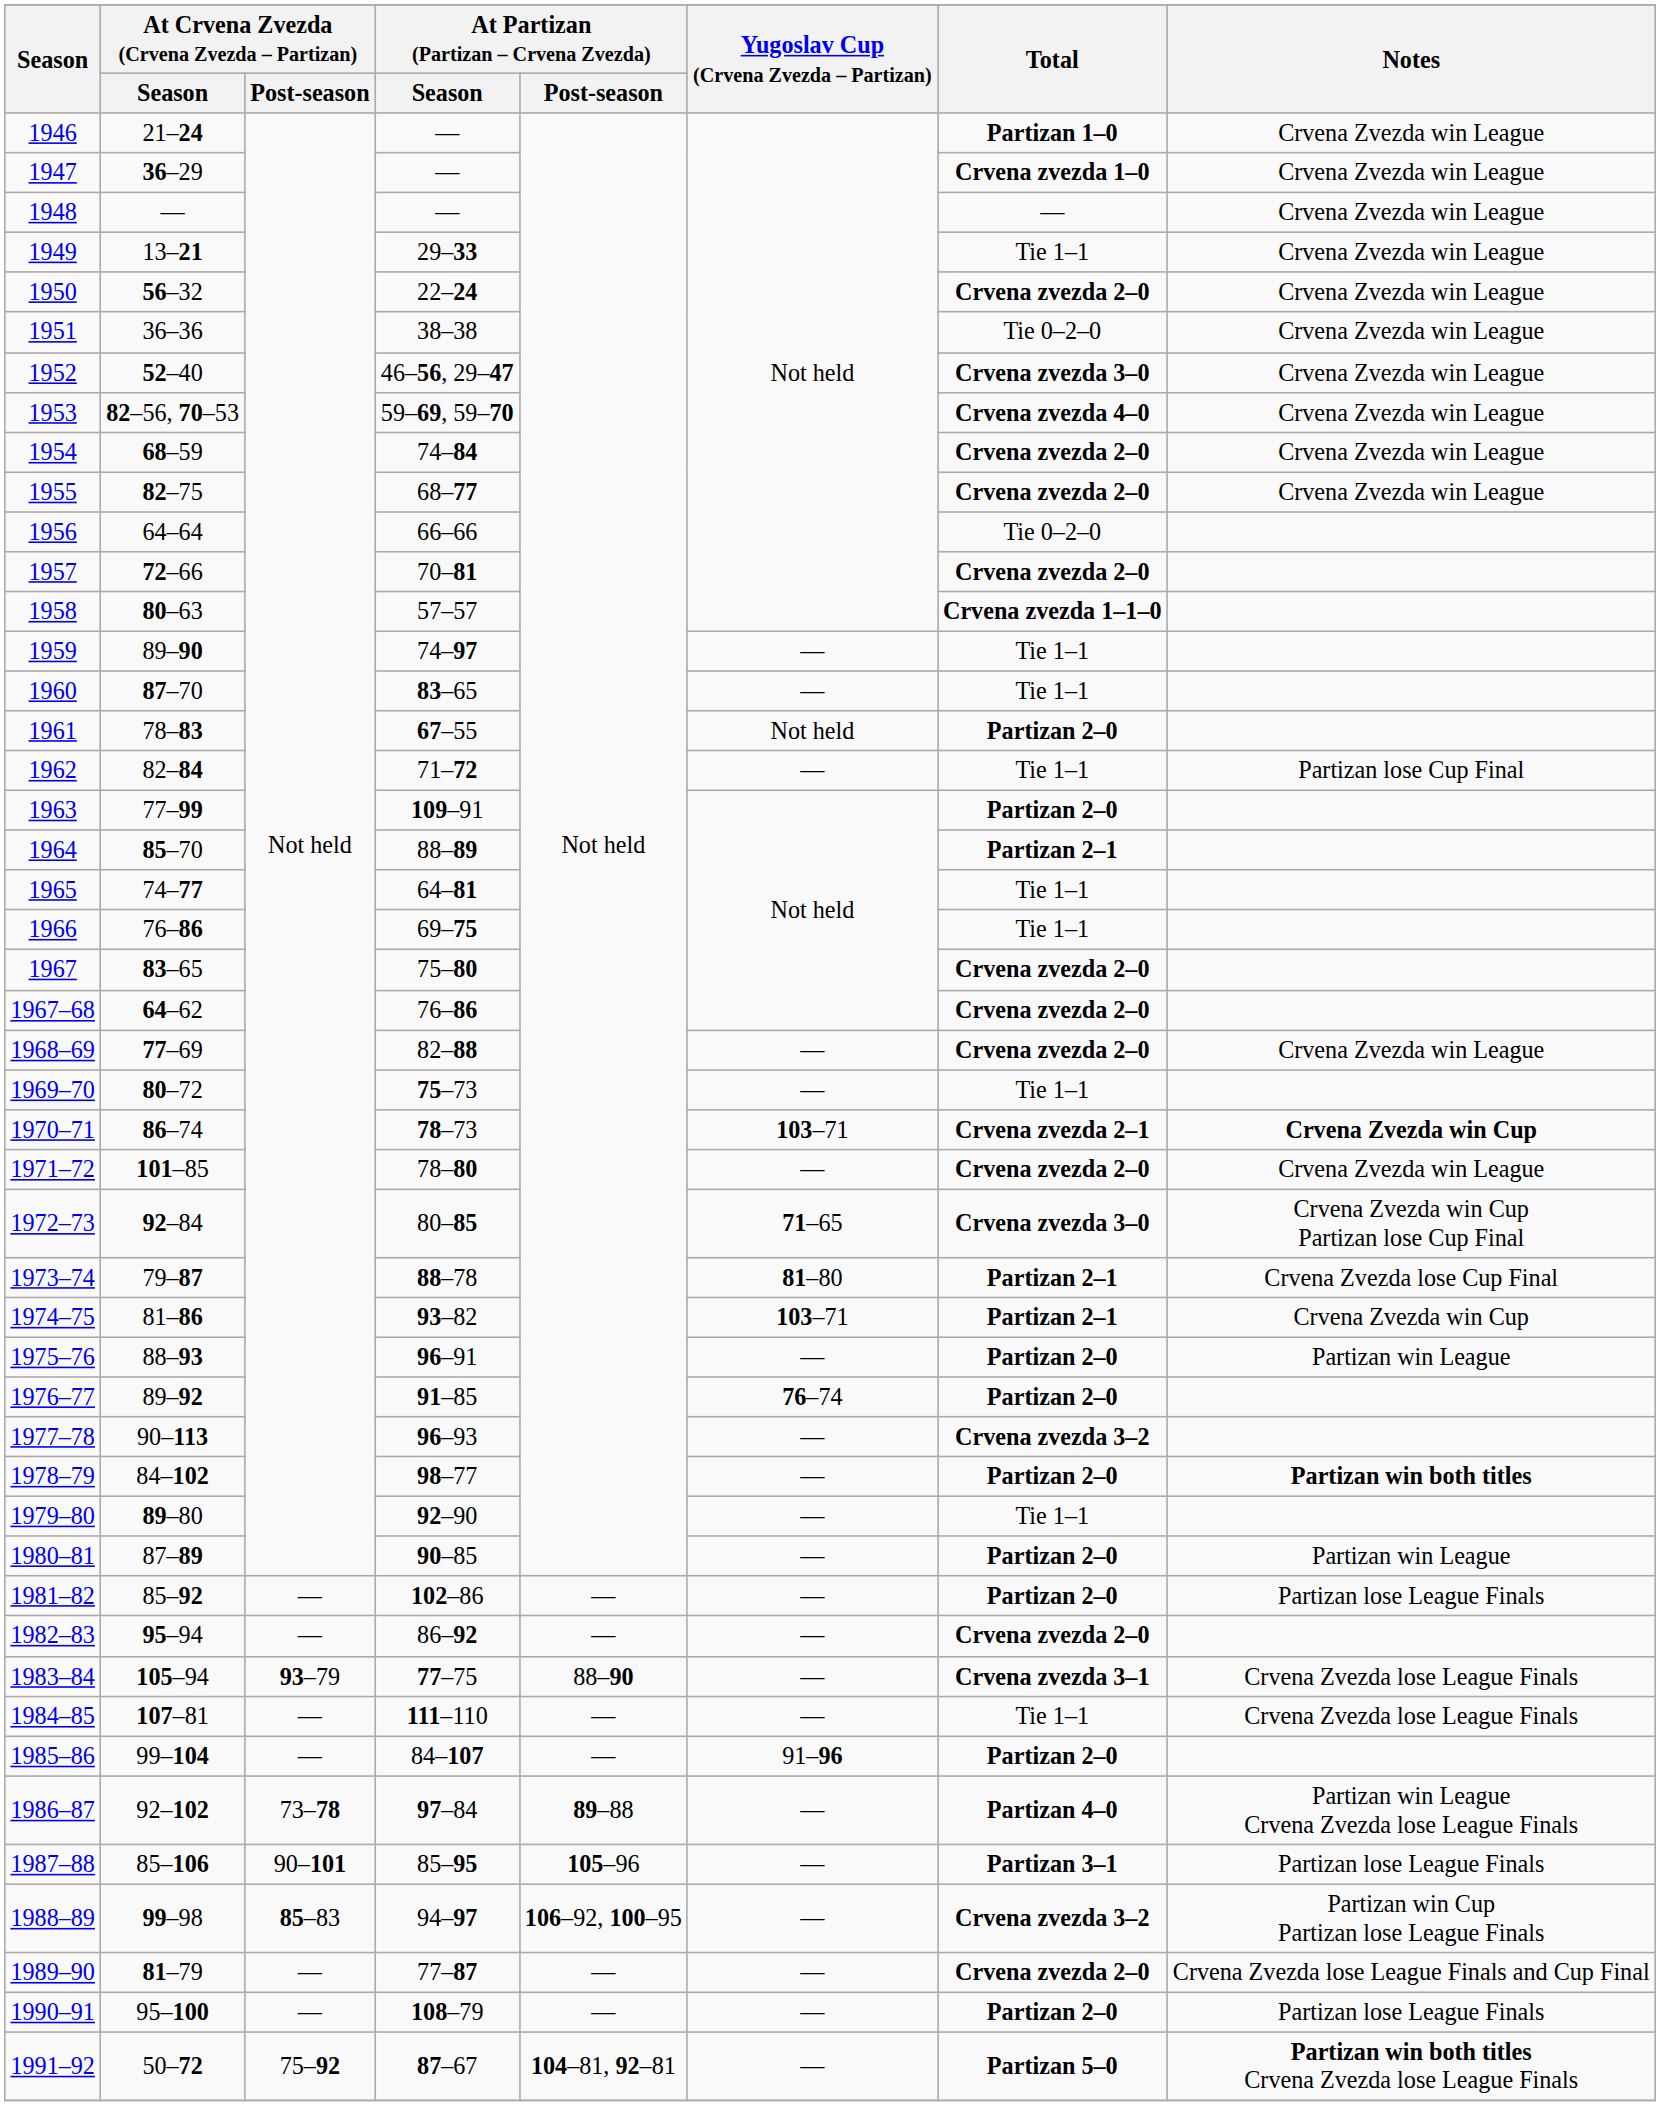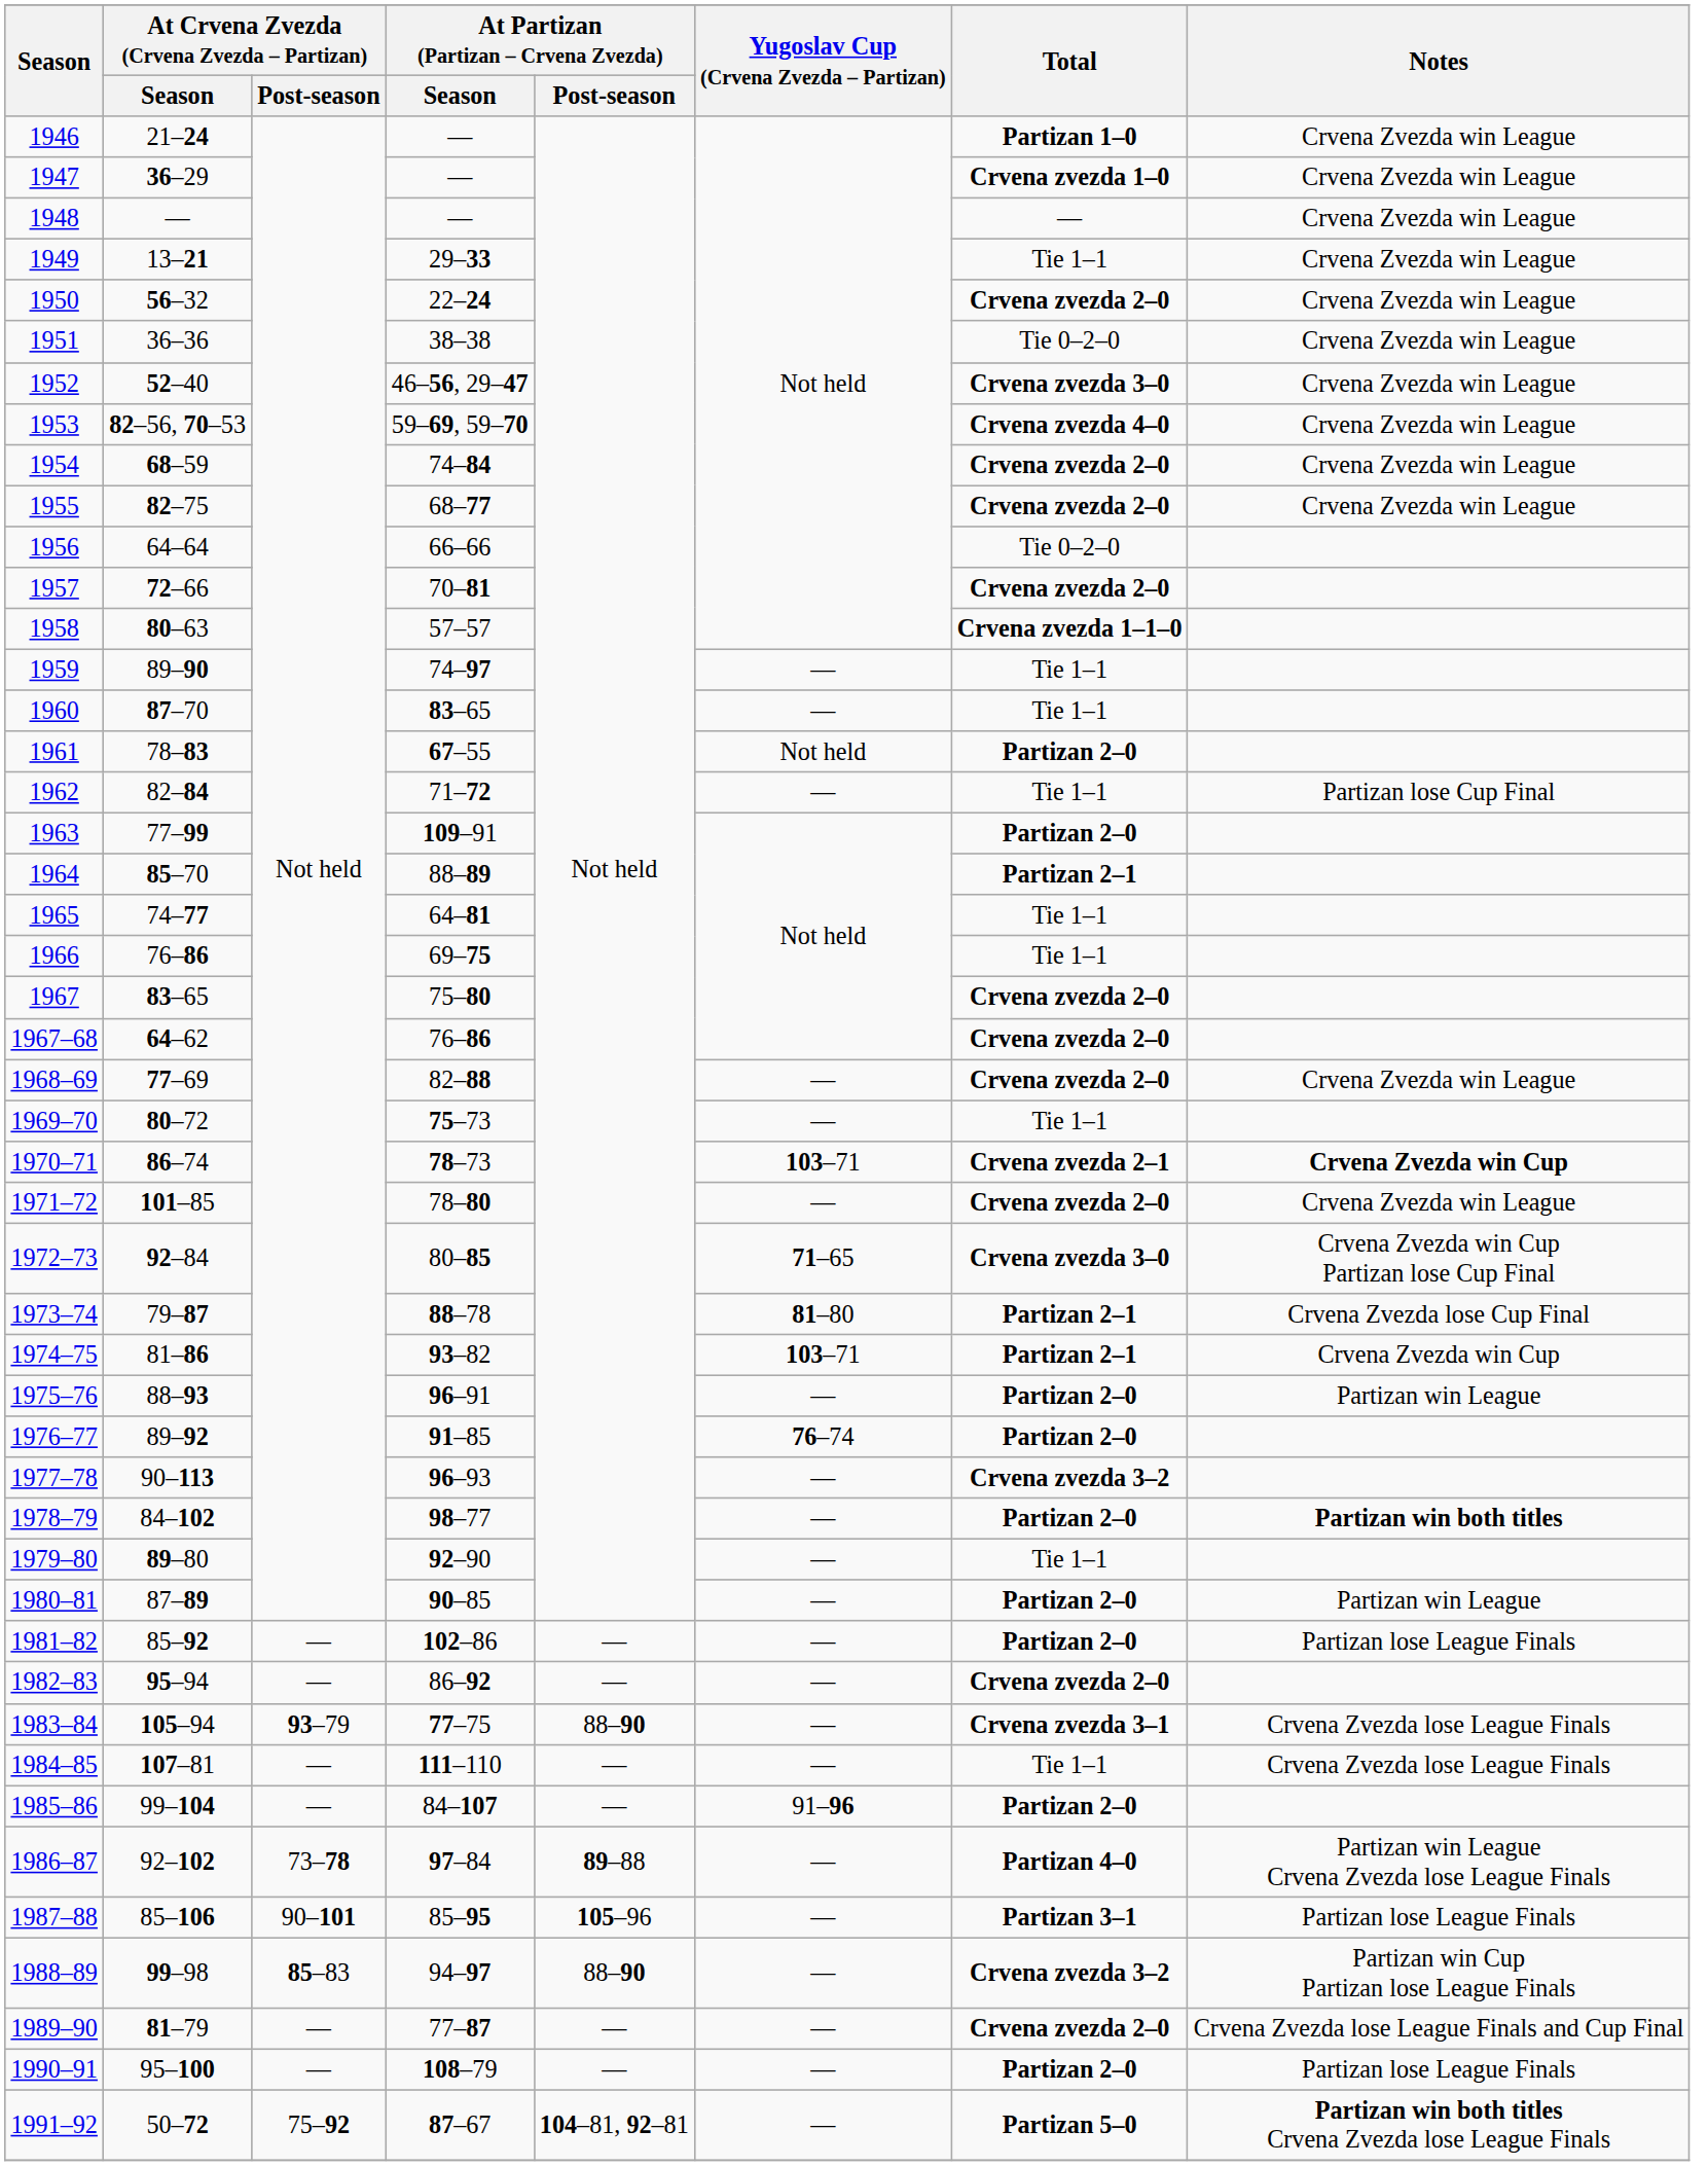 <table class="wikitable collapsible collapsed" style="text-align: center; font-size:95%">
 <tr>
 </tr>
 <tr>
 <th rowspan=2>Season</th>
 <th colspan=2>At Crvena Zvezda<br><small>(Crvena Zvezda – Partizan)</small></th>
 <th colspan=2>At Partizan<br><small>(Partizan – Crvena Zvezda)</small></th>
 <th rowspan=2><a href='#'>Yugoslav Cup</a><br><small>(Crvena Zvezda – Partizan)</small></th>
 <th rowspan=2>Total</th>
 <th rowspan=2>Notes</th>
 </tr>
 <tr>
 <th>Season</th>
 <th>Post-season</th>
 <th>Season</th>
 <th>Post-season</th>
 </tr>
 <tr>
 <td><a href='#'>1946</a></td>
 <td>21–<strong>24</strong></td>
 <td rowspan=36>Not held</td>
 <td>—</td>
 <td rowspan=36>Not held</td>
 <td rowspan=13>Not held</td>
 <td><strong>Partizan 1–0</strong></td>
 <td>Crvena Zvezda win League</td>
 </tr>
 <tr>
 <td><a href='#'>1947</a></td>
 <td><strong>36</strong>–29</td>
 <td>—</td>
 <td><strong>Crvena zvezda 1–0</strong></td>
 <td>Crvena Zvezda win League</td>
 </tr>
 <tr>
 <td><a href='#'>1948</a></td>
 <td>—</td>
 <td>—</td>
 <td>—</td>
 <td>Crvena Zvezda win League</td>
 </tr>
 <tr>
 <td><a href='#'>1949</a></td>
 <td>13–<strong>21</strong></td>
 <td>29–<strong>33</strong></td>
 <td>Tie 1–1</td>
 <td>Crvena Zvezda win League</td>
 </tr>
 <tr>
 <td><a href='#'>1950</a></td>
 <td><strong>56</strong>–32</td>
 <td>22–<strong>24</strong></td>
 <td><strong>Crvena zvezda 2–0</strong></td>
 <td>Crvena Zvezda win League</td>
 </tr>
 <tr>
 <td><a href='#'>1951</a></td>
 <td>36–36</td>
 <td>38–38</td>
 <td>Tie 0–2–0</td>
 <td>Crvena Zvezda win League</td>
 </tr>
 <tr>
 <td><a href='#'>1952</a></td>
 <td><strong>52</strong>–40</td>
 <td>46–<strong>56</strong>, 29–<strong>47</strong></td>
 <td><strong>Crvena zvezda 3–0</strong></td>
 <td>Crvena Zvezda win League</td>
 </tr>
 <tr>
 <td><a href='#'>1953</a></td>
 <td><strong>82</strong>–56, <strong>70</strong>–53</td>
 <td>59–<strong>69</strong>, 59–<strong>70</strong></td>
 <td><strong>Crvena zvezda 4–0</strong></td>
 <td>Crvena Zvezda win League</td>
 </tr>
 <tr>
 <td><a href='#'>1954</a></td>
 <td><strong>68</strong>–59</td>
 <td>74–<strong>84</strong></td>
 <td><strong>Crvena zvezda 2–0</strong></td>
 <td>Crvena Zvezda win League</td>
 </tr>
 <tr>
 <td><a href='#'>1955</a></td>
 <td><strong>82</strong>–75</td>
 <td>68–<strong>77</strong></td>
 <td><strong>Crvena zvezda 2–0</strong></td>
 <td>Crvena Zvezda win League</td>
 </tr>
 <tr>
 <td><a href='#'>1956</a></td>
 <td>64–64</td>
 <td>66–66</td>
 <td>Tie 0–2–0</td>
 <td></td>
 </tr>
 <tr>
 <td><a href='#'>1957</a></td>
 <td><strong>72</strong>–66</td>
 <td>70–<strong>81</strong></td>
 <td><strong>Crvena zvezda 2–0</strong></td>
 <td></td>
 </tr>
 <tr>
 <td><a href='#'>1958</a></td>
 <td><strong>80</strong>–63</td>
 <td>57–57</td>
 <td><strong>Crvena zvezda 1–1–0</strong></td>
 <td></td>
 </tr>
 <tr>
 <td><a href='#'>1959</a></td>
 <td>89–<strong>90</strong></td>
 <td>74–<strong>97</strong></td>
 <td>—</td>
 <td>Tie 1–1</td>
 <td></td>
 </tr>
 <tr>
 <td><a href='#'>1960</a></td>
 <td><strong>87</strong>–70</td>
 <td><strong>83</strong>–65</td>
 <td>—</td>
 <td>Tie 1–1</td>
 <td></td>
 </tr>
 <tr>
 <td><a href='#'>1961</a></td>
 <td>78–<strong>83</strong></td>
 <td><strong>67</strong>–55</td>
 <td>Not held</td>
 <td><strong>Partizan 2–0</strong></td>
 <td></td>
 </tr>
 <tr>
 <td><a href='#'>1962</a></td>
 <td>82–<strong>84</strong></td>
 <td>71–<strong>72</strong></td>
 <td>—</td>
 <td>Tie 1–1</td>
 <td>Partizan lose Cup Final</td>
 </tr>
 <tr>
 <td><a href='#'>1963</a></td>
 <td>77–<strong>99</strong></td>
 <td><strong>109</strong>–91</td>
 <td rowspan=6>Not held</td>
 <td><strong>Partizan 2–0</strong></td>
 <td></td>
 </tr>
 <tr>
 <td><a href='#'>1964</a></td>
 <td><strong>85</strong>–70</td>
 <td>88–<strong>89</strong></td>
 <td><strong>Partizan 2–1</strong></td>
 <td></td>
 </tr>
 <tr>
 <td><a href='#'>1965</a></td>
 <td>74–<strong>77</strong></td>
 <td>64–<strong>81</strong></td>
 <td>Tie 1–1</td>
 <td></td>
 </tr>
 <tr>
 <td><a href='#'>1966</a></td>
 <td>76–<strong>86</strong></td>
 <td>69–<strong>75</strong></td>
 <td>Tie 1–1</td>
 <td></td>
 </tr>
 <tr>
 <td><a href='#'>1967</a></td>
 <td><strong>83</strong>–65</td>
 <td>75–<strong>80</strong></td>
 <td><strong>Crvena zvezda 2–0</strong></td>
 <td></td>
 </tr>
 <tr>
 <td><a href='#'>1967–68</a></td>
 <td><strong>64</strong>–62</td>
 <td>76–<strong>86</strong></td>
 <td><strong>Crvena zvezda 2–0</strong></td>
 <td></td>
 </tr>
 <tr>
 <td><a href='#'>1968–69</a></td>
 <td><strong>77</strong>–69</td>
 <td>82–<strong>88</strong></td>
 <td>—</td>
 <td><strong>Crvena zvezda 2–0</strong></td>
 <td>Crvena Zvezda win League</td>
 </tr>
 <tr>
 <td><a href='#'>1969–70</a></td>
 <td><strong>80</strong>–72</td>
 <td><strong>75</strong>–73</td>
 <td>—</td>
 <td>Tie 1–1</td>
 <td></td>
 </tr>
 <tr>
 <td><a href='#'>1970–71</a></td>
 <td><strong>86</strong>–74</td>
 <td><strong>78</strong>–73</td>
 <td><strong>103</strong>–71</td>
 <td><strong>Crvena zvezda 2–1</strong></td>
 <td><strong>Crvena Zvezda win Cup</strong></td>
 </tr>
 <tr>
 <td><a href='#'>1971–72</a></td>
 <td><strong>101</strong>–85</td>
 <td>78–<strong>80</strong></td>
 <td>—</td>
 <td><strong>Crvena zvezda 2–0</strong></td>
 <td>Crvena Zvezda win League</td>
 </tr>
 <tr>
 <td><a href='#'>1972–73</a></td>
 <td><strong>92</strong>–84</td>
 <td>80–<strong>85</strong></td>
 <td><strong>71</strong>–65</td>
 <td><strong>Crvena zvezda 3–0</strong></td>
 <td>Crvena Zvezda win Cup<br>Partizan lose Cup Final</td>
 </tr>
 <tr>
 <td><a href='#'>1973–74</a></td>
 <td>79–<strong>87</strong></td>
 <td><strong>88</strong>–78</td>
 <td><strong>81</strong>–80</td>
 <td><strong>Partizan 2–1</strong></td>
 <td>Crvena Zvezda lose Cup Final</td>
 </tr>
 <tr>
 <td><a href='#'>1974–75</a></td>
 <td>81–<strong>86</strong></td>
 <td><strong>93</strong>–82</td>
 <td><strong>103</strong>–71</td>
 <td><strong>Partizan 2–1</strong></td>
 <td>Crvena Zvezda win Cup</td>
 </tr>
 <tr>
 <td><a href='#'>1975–76</a></td>
 <td>88–<strong>93</strong></td>
 <td><strong>96</strong>–91</td>
 <td>—</td>
 <td><strong>Partizan 2–0</strong></td>
 <td>Partizan win League</td>
 </tr>
 <tr>
 <td><a href='#'>1976–77</a></td>
 <td>89–<strong>92</strong></td>
 <td><strong>91</strong>–85</td>
 <td><strong>76</strong>–74</td>
 <td><strong>Partizan 2–0</strong></td>
 <td></td>
 </tr>
 <tr>
 <td><a href='#'>1977–78</a></td>
 <td>90–<strong>113</strong></td>
 <td><strong>96</strong>–93</td>
 <td>—</td>
 <td><strong>Crvena zvezda 3–2</strong></td>
 <td></td>
 </tr>
 <tr>
 <td><a href='#'>1978–79</a></td>
 <td>84–<strong>102</strong></td>
 <td><strong>98</strong>–77</td>
 <td>—</td>
 <td><strong>Partizan 2–0</strong></td>
 <td><strong>Partizan win both titles</strong></td>
 </tr>
 <tr>
 <td><a href='#'>1979–80</a></td>
 <td><strong>89</strong>–80</td>
 <td><strong>92</strong>–90</td>
 <td>—</td>
 <td>Tie 1–1</td>
 <td></td>
 </tr>
 <tr>
 <td><a href='#'>1980–81</a></td>
 <td>87–<strong>89</strong></td>
 <td><strong>90</strong>–85</td>
 <td>—</td>
 <td><strong>Partizan 2–0</strong></td>
 <td>Partizan win League</td>
 </tr>
 <tr>
 <td><a href='#'>1981–82</a></td>
 <td>85–<strong>92</strong></td>
 <td>—</td>
 <td><strong>102</strong>–86</td>
 <td>—</td>
 <td>—</td>
 <td><strong>Partizan 2–0</strong></td>
 <td>Partizan lose League Finals</td>
 </tr>
 <tr>
 <td><a href='#'>1982–83</a></td>
 <td><strong>95</strong>–94</td>
 <td>—</td>
 <td>86–<strong>92</strong></td>
 <td>—</td>
 <td>—</td>
 <td><strong>Crvena zvezda 2–0</strong></td>
 <td></td>
 </tr>
 <tr>
 <td><a href='#'>1983–84</a></td>
 <td><strong>105</strong>–94</td>
 <td><strong>93</strong>–79</td>
 <td><strong>77</strong>–75</td>
 <td>88–<strong>90</strong></td>
 <td>—</td>
 <td><strong>Crvena zvezda 3–1</strong></td>
 <td>Crvena Zvezda lose League Finals</td>
 </tr>
 <tr>
 <td><a href='#'>1984–85</a></td>
 <td><strong>107</strong>–81</td>
 <td>—</td>
 <td><strong>111</strong>–110</td>
 <td>—</td>
 <td>—</td>
 <td>Tie 1–1</td>
 <td>Crvena Zvezda lose League Finals</td>
 </tr>
 <tr>
 <td><a href='#'>1985–86</a></td>
 <td>99–<strong>104</strong></td>
 <td>—</td>
 <td>84–<strong>107</strong></td>
 <td>—</td>
 <td>91–<strong>96</strong></td>
 <td><strong>Partizan 2–0</strong></td>
 <td></td>
 </tr>
 <tr>
 <td><a href='#'>1986–87</a></td>
 <td>92–<strong>102</strong></td>
 <td>73–<strong>78</strong></td>
 <td><strong>97</strong>–84</td>
 <td><strong>89</strong>–88</td>
 <td>—</td>
 <td><strong>Partizan 4–0</strong></td>
 <td>Partizan win League<br>Crvena Zvezda lose League Finals</td>
 </tr>
 <tr>
 <td><a href='#'>1987–88</a></td>
 <td>85–<strong>106</strong></td>
 <td>90–<strong>101</strong></td>
 <td>85–<strong>95</strong></td>
 <td><strong>105</strong>–96</td>
 <td>—</td>
 <td><strong>Partizan 3–1</strong></td>
 <td>Partizan lose League Finals</td>
 </tr>
 <tr>
 <td><a href='#'>1988–89</a></td>
 <td><strong>99</strong>–98</td>
 <td><strong>85</strong>–83</td>
 <td>94–<strong>97</strong></td>
-<td><strong>106</strong>–92, <strong>100</strong>–95</td>
+<td>88–<strong>90</strong></td>
 <td>—</td>
 <td><strong>Crvena zvezda 3–2</strong></td>
 <td>Partizan win Cup<br>Partizan lose League Finals</td>
 </tr>
 <tr>
 <td><a href='#'>1989–90</a></td>
 <td><strong>81</strong>–79</td>
 <td>—</td>
 <td>77–<strong>87</strong></td>
 <td>—</td>
 <td>—</td>
 <td><strong>Crvena zvezda 2–0</strong></td>
 <td>Crvena Zvezda lose League Finals and Cup Final</td>
 </tr>
 <tr>
 <td><a href='#'>1990–91</a></td>
 <td>95–<strong>100</strong></td>
 <td>—</td>
 <td><strong>108</strong>–79</td>
 <td>—</td>
 <td>—</td>
 <td><strong>Partizan 2–0</strong></td>
 <td>Partizan lose League Finals</td>
 </tr>
 <tr>
 <td><a href='#'>1991–92</a></td>
 <td>50–<strong>72</strong></td>
 <td>75–<strong>92</strong></td>
 <td><strong>87</strong>–67</td>
 <td><strong>104</strong>–81, <strong>92</strong>–81</td>
 <td>—</td>
 <td><strong>Partizan 5–0</strong></td>
 <td><strong>Partizan win both titles</strong><br>Crvena Zvezda lose League Finals</td>
 </tr>
 <tr>
 </tr>
 </table>
